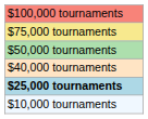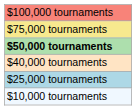 <table class="wikitable" style="font-size:85%;" width=13%>
 <tr bgcolor="#F88379">
 <td>$100,000 tournaments</td>
 </tr>
 <tr bgcolor="#F7E98E">
 <td>$75,000 tournaments</td>
 </tr>
 <tr bgcolor="#ADDFAD">
-<td>$50,000 tournaments</td>
+<td><strong>$50,000 tournaments</strong></td>
 </tr>
 <tr style="background:#ffe4c4;">
 <td>$40,000 tournaments</td>
 </tr>
 <tr bgcolor="lightblue">
-<td><strong>$25,000 tournaments</strong></td>
+<td>$25,000 tournaments</td>
 </tr>
 <tr bgcolor="#f0f8ff">
 <td>$10,000 tournaments</td>
 </tr>
 </table>
